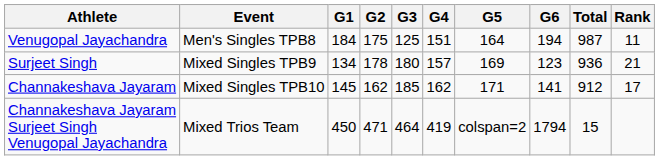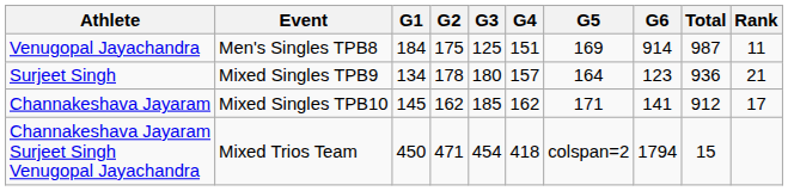 <table class="wikitable" style="text-align:center; font-size:90%">
 <tr>
 <th>Athlete</th>
 <th>Event</th>
 <th>G1</th>
 <th>G2</th>
 <th>G3</th>
 <th>G4</th>
 <th>G5</th>
 <th>G6</th>
 <th>Total</th>
 <th>Rank</th>
 </tr>
 <tr>
 <td align=left><a href='#'>Venugopal Jayachandra</a></td>
 <td align=left>Men's Singles TPB8</td>
 <td>184</td>
 <td>175</td>
 <td>125</td>
 <td>151</td>
-<td>164</td>
-<td>194</td>
+<td>169</td>
+<td>914</td>
 <td>987</td>
 <td>11</td>
 </tr>
 <tr>
 <td align=left><a href='#'>Surjeet Singh</a></td>
 <td align=left>Mixed Singles TPB9</td>
 <td>134</td>
 <td>178</td>
 <td>180</td>
 <td>157</td>
-<td>169</td>
+<td>164</td>
 <td>123</td>
 <td>936</td>
 <td>21</td>
 </tr>
 <tr>
 <td align=left><a href='#'>Channakeshava Jayaram</a></td>
 <td align=left>Mixed Singles TPB10</td>
 <td>145</td>
 <td>162</td>
 <td>185</td>
 <td>162</td>
 <td>171</td>
 <td>141</td>
 <td>912</td>
 <td>17</td>
 </tr>
 <tr>
 <td align=left><a href='#'>Channakeshava Jayaram</a><br><a href='#'>Surjeet Singh</a><br><a href='#'>Venugopal Jayachandra</a></td>
 <td align=left>Mixed Trios Team</td>
 <td>450</td>
 <td>471</td>
-<td>464</td>
-<td>419</td>
+<td>454</td>
+<td>418</td>
 <td>colspan=2 </td>
 <td>1794</td>
 <td>15</td>
 </tr>
 </table>
